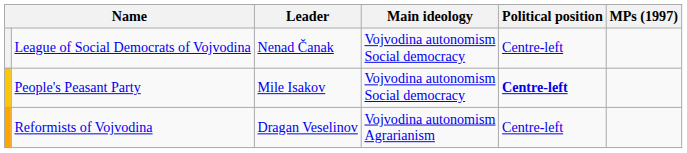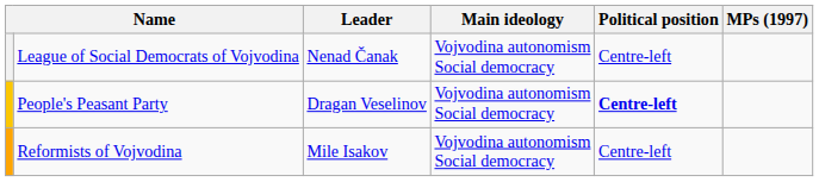 <table class="wikitable" style="text-align; font-size:90%;">
 <tr>
 <th colspan="2">Name</th>
 <th>Leader</th>
 <th>Main ideology</th>
 <th>Political position</th>
 <th>MPs (1997)</th>
 </tr>
 <tr>
 <th style="background-color:"></th>
 <td><a href='#'>League of Social Democrats of Vojvodina</a><br></td>
 <td><a href='#'>Nenad Čanak</a></td>
 <td><a href='#'>Vojvodina autonomism</a><br><a href='#'>Social democracy</a></td>
 <td><a href='#'>Centre-left</a></td>
 <td></td>
 </tr>
 <tr>
 <th style="background-color:#FCC700; color:white;"></th>
 <td><a href='#'>People's Peasant Party</a><br></td>
-<td><a href='#'>Mile Isakov</a></td>
+<td><a href='#'>Dragan Veselinov</a></td>
 <td><a href='#'>Vojvodina autonomism</a><br><a href='#'>Social democracy</a></td>
 <td><strong><a href='#'>Centre-left</a></strong></td>
 <td></td>
 </tr>
 <tr>
 <th style="background-color:orange; color:white;"></th>
 <td><a href='#'>Reformists of Vojvodina</a><br></td>
-<td><a href='#'>Dragan Veselinov</a></td>
-<td><a href='#'>Vojvodina autonomism</a><br><a href='#'>Agrarianism</a></td>
+<td><a href='#'>Mile Isakov</a></td>
+<td><a href='#'>Vojvodina autonomism</a><br><a href='#'>Social democracy</a></td>
 <td><a href='#'>Centre-left</a></td>
 <td></td>
 </tr>
 </table>
